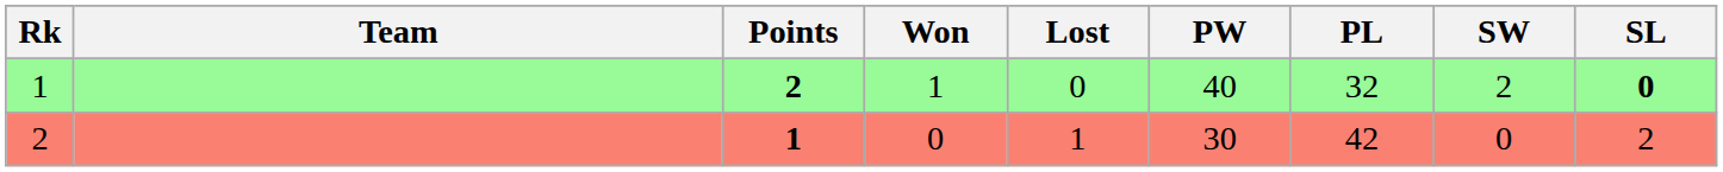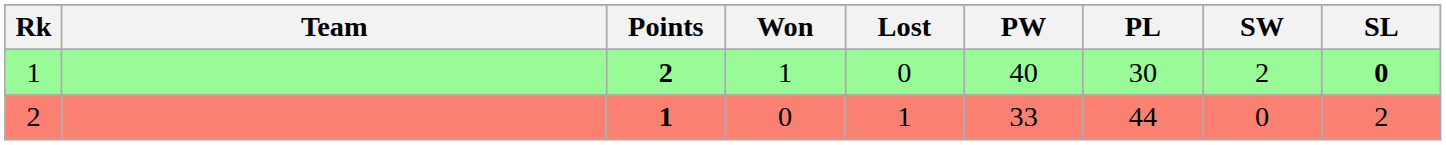 <table class=wikitable style=text-align:center>
 <tr>
 <th width=25>Rk</th>
 <th width=300>Team</th>
 <th width=60>Points</th>
 <th width=60>Won</th>
 <th width=60>Lost</th>
 <th width=60>PW</th>
 <th width=60>PL</th>
 <th width=60>SW</th>
 <th width=60>SL</th>
 </tr>
 <tr style="background: #98fb98">
 <td>1</td>
 <td align=left></td>
 <td><strong>2</strong></td>
 <td>1</td>
 <td>0</td>
 <td>40</td>
-<td>32</td>
+<td>30</td>
 <td>2</td>
 <td><strong>0</strong></td>
 </tr>
 <tr style="background: salmon">
 <td>2</td>
 <td align=left></td>
 <td><strong>1</strong></td>
 <td>0</td>
 <td>1</td>
-<td>30</td>
-<td>42</td>
+<td>33</td>
+<td>44</td>
 <td>0</td>
 <td>2</td>
 </tr>
 </table>
